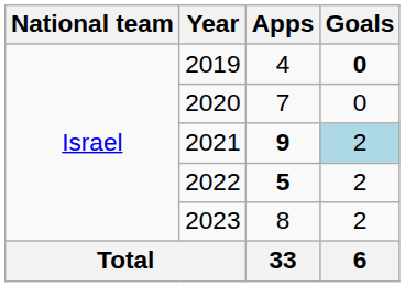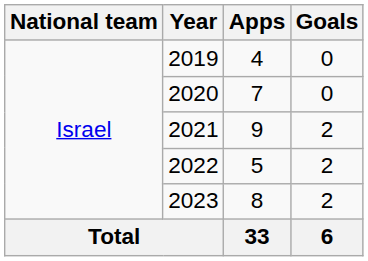 <table class="wikitable" style="text-align:center">
 <tr>
 <th>National team</th>
 <th>Year</th>
 <th>Apps</th>
 <th>Goals</th>
 </tr>
 <tr>
 <td rowspan="5"><a href='#'>Israel</a></td>
 <td>2019</td>
 <td>4</td>
-<td><strong>0</strong></td>
+<td>0</td>
 </tr>
 <tr>
 <td>2020</td>
 <td>7</td>
 <td>0</td>
 </tr>
 <tr>
 <td>2021</td>
-<td><strong>9</strong></td>
-<td style="background: lightblue;">2</td>
+<td>9</td>
+<td>2</td>
 </tr>
 <tr>
 <td>2022</td>
-<td><strong>5</strong></td>
+<td>5</td>
 <td>2</td>
 </tr>
 <tr>
 <td>2023</td>
 <td>8</td>
 <td>2</td>
 </tr>
 <tr>
 <th colspan="2">Total</th>
 <th>33</th>
 <th>6</th>
 </tr>
 </table>
